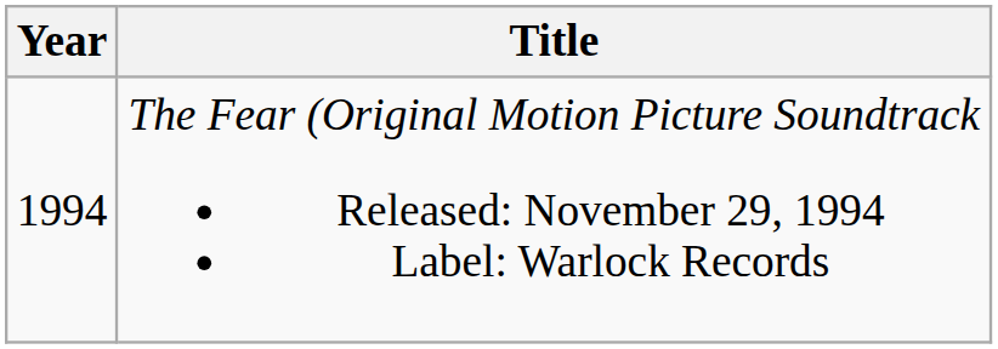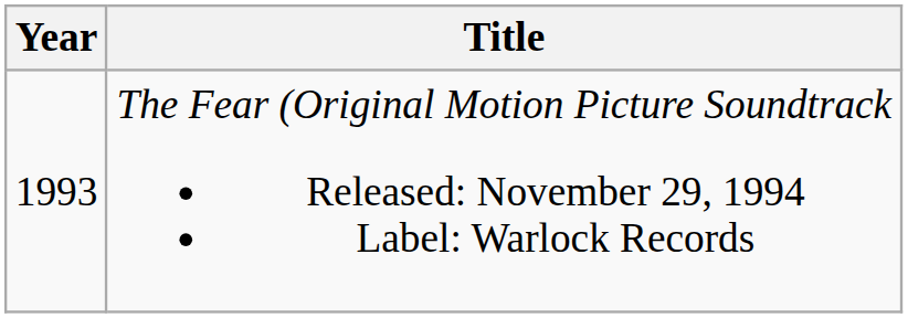 <table class="wikitable" style="text-align:center;">
 <tr>
 <th>Year</th>
 <th>Title</th>
 </tr>
 <tr>
-<td>1994</td>
+<td>1993</td>
 <td><em>The Fear (Original Motion Picture Soundtrack</em><br><ul><li>Released: November 29, 1994</li><li>Label: Warlock Records</li></ul></td>
 </tr>
 </table>
